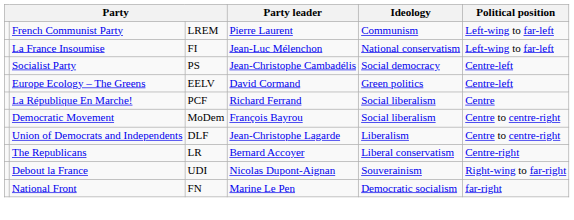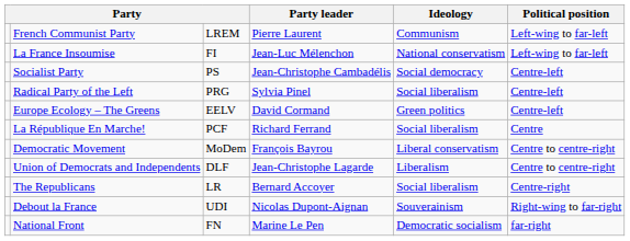 <table class="wikitable">
 <tr>
 <th colspan="3">Party</th>
 <th>Party leader</th>
 <th>Ideology</th>
 <th>Political position</th>
 </tr>
 <tr>
 <td style="background:"></td>
 <td><a href='#'>French Communist Party</a></td>
 <td>LREM</td>
 <td><a href='#'>Pierre Laurent</a></td>
 <td><a href='#'>Communism</a></td>
 <td><a href='#'>Left-wing</a> to <a href='#'>far-left</a></td>
 </tr>
 <tr>
 <td style="background:"></td>
 <td><a href='#'>La France Insoumise</a></td>
 <td>FI</td>
 <td><a href='#'>Jean-Luc Mélenchon</a></td>
 <td><a href='#'>National conservatism</a></td>
 <td><a href='#'>Left-wing</a> to <a href='#'>far-left</a></td>
 </tr>
 <tr>
 <td style="background:"></td>
 <td><a href='#'>Socialist Party</a></td>
 <td>PS</td>
 <td><a href='#'>Jean-Christophe Cambadélis</a></td>
 <td><a href='#'>Social democracy</a></td>
 <td><a href='#'>Centre-left</a></td>
 </tr>
 <tr>
 <td style="background:"></td>
+<td><a href='#'>Radical Party of the Left</a></td>
+<td>PRG</td>
+<td><a href='#'>Sylvia Pinel</a></td>
+<td><a href='#'>Social liberalism</a></td>
+<td><a href='#'>Centre-left</a></td>
+</tr>
+<tr>
+<td style="background:"></td>
 <td><a href='#'>Europe Ecology – The Greens</a></td>
 <td>EELV</td>
 <td><a href='#'>David Cormand</a></td>
 <td><a href='#'>Green politics</a></td>
 <td><a href='#'>Centre-left</a></td>
 </tr>
 <tr>
 <td style="background:"></td>
 <td><a href='#'>La République En Marche!</a></td>
 <td>PCF</td>
 <td><a href='#'>Richard Ferrand</a></td>
 <td><a href='#'>Social liberalism</a></td>
 <td><a href='#'>Centre</a></td>
 </tr>
 <tr>
 <td style="background:"></td>
 <td><a href='#'>Democratic Movement</a></td>
 <td>MoDem</td>
 <td><a href='#'>François Bayrou</a></td>
-<td><a href='#'>Social liberalism</a></td>
+<td><a href='#'>Liberal conservatism</a></td>
 <td><a href='#'>Centre</a> to <a href='#'>centre-right</a></td>
 </tr>
 <tr>
 <td style="background:"></td>
 <td><a href='#'>Union of Democrats and Independents</a></td>
 <td>DLF</td>
 <td><a href='#'>Jean-Christophe Lagarde</a></td>
 <td><a href='#'>Liberalism</a></td>
 <td><a href='#'>Centre</a> to <a href='#'>centre-right</a></td>
 </tr>
 <tr>
 <td style="background:"></td>
 <td><a href='#'>The Republicans</a></td>
 <td>LR</td>
 <td><a href='#'>Bernard Accoyer</a></td>
-<td><a href='#'>Liberal conservatism</a></td>
+<td><a href='#'>Social liberalism</a></td>
 <td><a href='#'>Centre-right</a></td>
 </tr>
 <tr>
 <td style="background:"></td>
 <td><a href='#'>Debout la France</a></td>
 <td>UDI</td>
 <td><a href='#'>Nicolas Dupont-Aignan</a></td>
 <td><a href='#'>Souverainism</a></td>
 <td><a href='#'>Right-wing</a> to <a href='#'>far-right</a></td>
 </tr>
 <tr>
 <td style="background:"></td>
 <td><a href='#'>National Front</a></td>
 <td>FN</td>
 <td><a href='#'>Marine Le Pen</a></td>
 <td><a href='#'>Democratic socialism</a></td>
 <td><a href='#'>far-right</a></td>
 </tr>
 </table>
